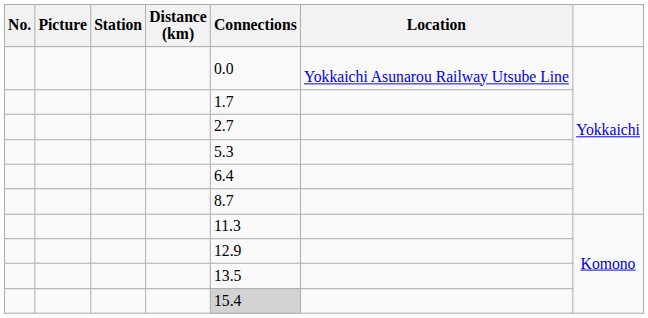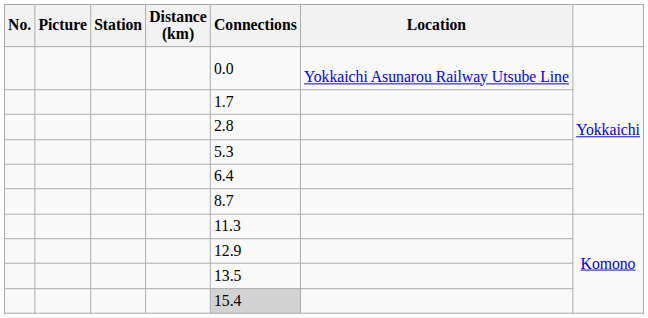 <table class=wikitable>
 <tr style="text-align: center; ">
 <th style="border-bottom:solid 2px #">No.</th>
 <th style="border-bottom:solid 2px #">Picture</th>
 <th style="border-bottom:solid 2px #">Station</th>
 <th style="border-bottom:solid 2px #">Distance<br>(km)</th>
 <th style="border-bottom:solid 2px #">Connections</th>
 <th style="border-bottom:solid 2px #">Location</th>
 </tr>
 <tr>
 <td></td>
 <td></td>
 <td></td>
 <td></td>
 <td>0.0</td>
 <td> <br><a href='#'>Yokkaichi Asunarou Railway Utsube Line</a></td>
 <td rowspan="6" style="text-align:center;"><a href='#'>Yokkaichi</a></td>
 </tr>
 <tr>
 <td></td>
 <td></td>
 <td></td>
 <td></td>
 <td>1.7</td>
 <td></td>
 </tr>
 <tr>
 <td></td>
 <td></td>
 <td></td>
 <td></td>
-<td>2.7</td>
+<td>2.8</td>
 <td></td>
 </tr>
 <tr>
 <td></td>
 <td></td>
 <td></td>
 <td></td>
 <td>5.3</td>
 <td></td>
 </tr>
 <tr>
 <td></td>
 <td></td>
 <td></td>
 <td></td>
 <td>6.4</td>
 <td></td>
 </tr>
 <tr>
 <td></td>
 <td></td>
 <td></td>
 <td></td>
 <td>8.7</td>
 <td></td>
 </tr>
 <tr>
 <td></td>
 <td></td>
 <td></td>
 <td></td>
 <td>11.3</td>
 <td></td>
 <td rowspan="4" style="text-align:center;"><a href='#'>Komono</a></td>
 </tr>
 <tr>
 <td></td>
 <td></td>
 <td></td>
 <td></td>
 <td>12.9</td>
 <td></td>
 </tr>
 <tr>
 <td></td>
 <td></td>
 <td></td>
 <td></td>
 <td>13.5</td>
 <td></td>
 </tr>
 <tr>
 <td></td>
 <td></td>
 <td></td>
 <td></td>
 <td style="background: lightgrey;">15.4</td>
 <td></td>
 </tr>
 </table>
